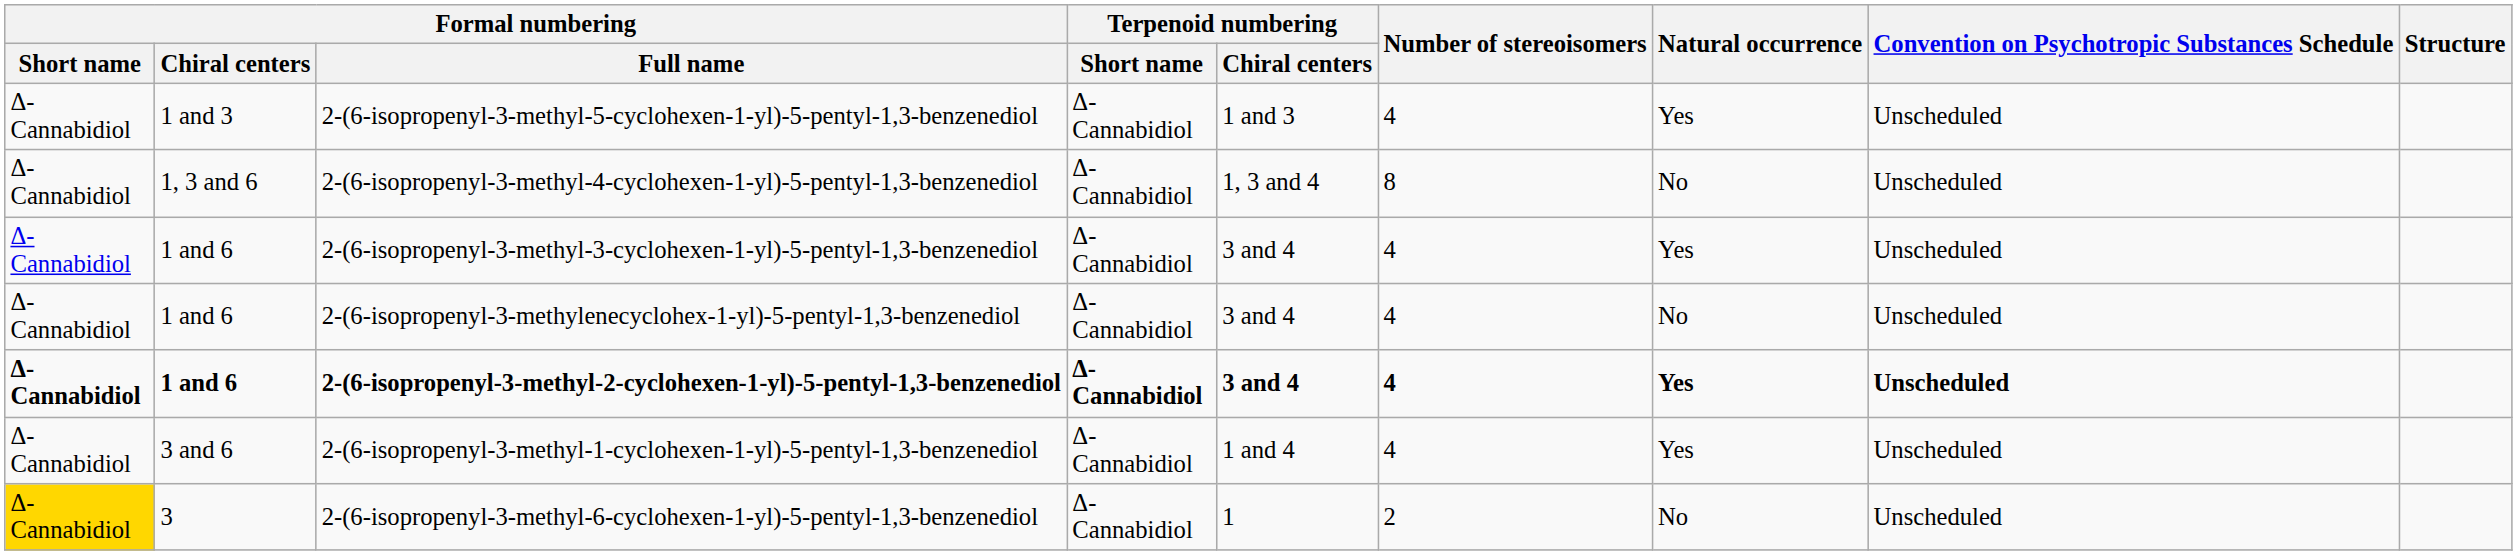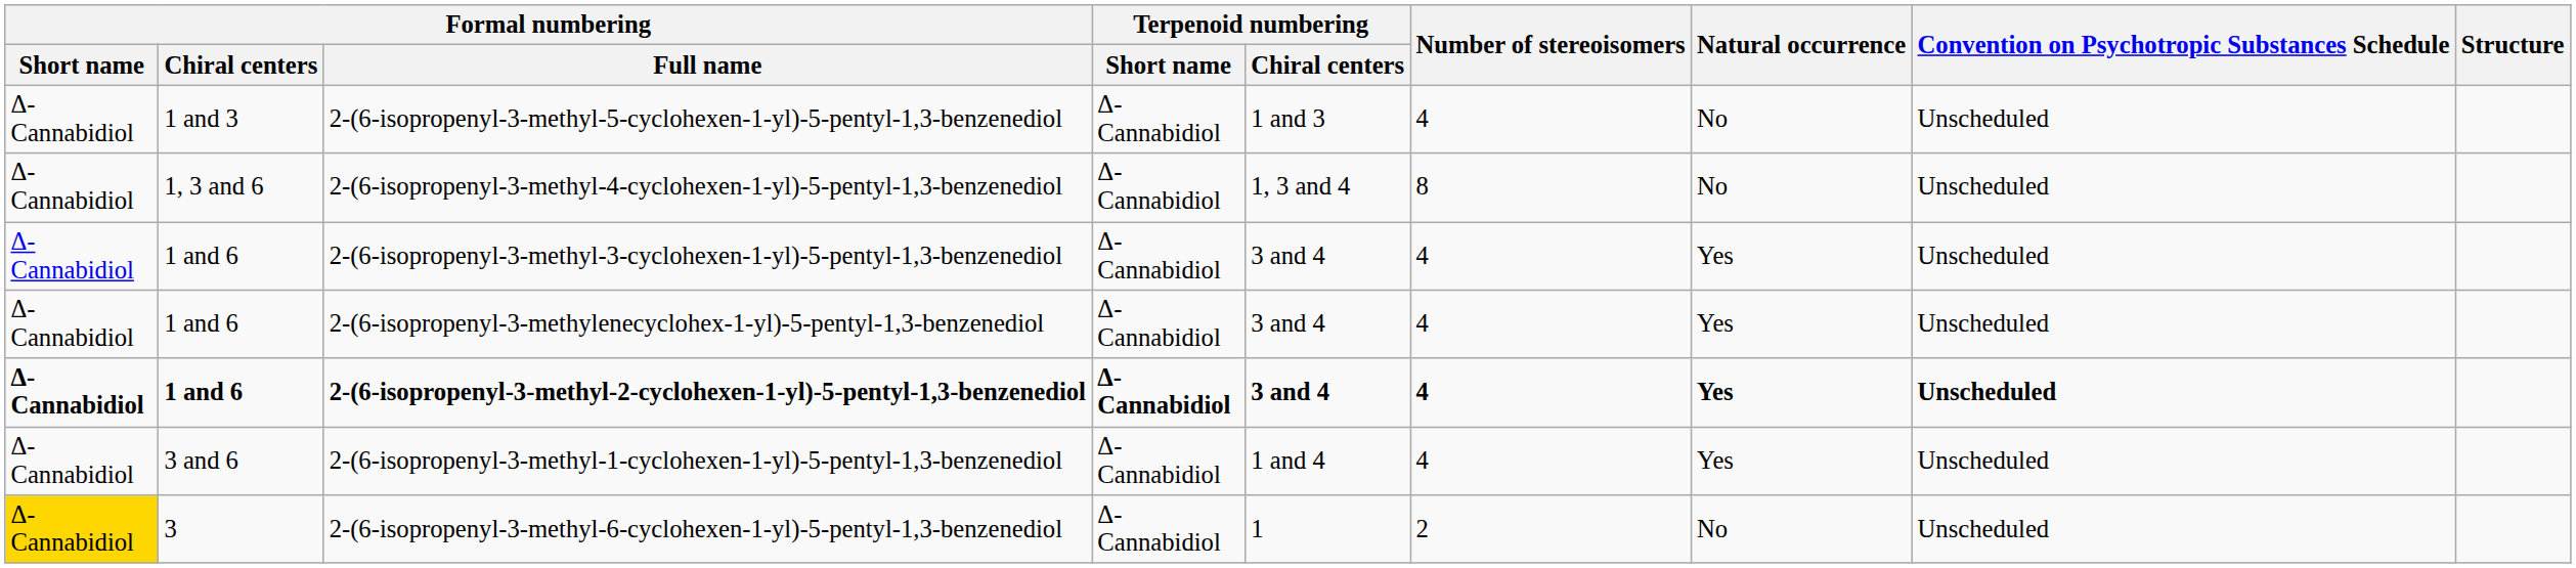 <table class="wikitable sortable mw-collapsible mw-collapsed">
 <tr>
 <th colspan="3">Formal numbering</th>
 <th colspan="2">Terpenoid numbering</th>
 <th rowspan="2">Number of stereoisomers</th>
 <th rowspan="2">Natural occurrence</th>
 <th rowspan="2"><a href='#'>Convention on Psychotropic Substances</a> Schedule</th>
 <th rowspan="2">Structure</th>
 </tr>
 <tr>
 <th style="width:90px;">Short name</th>
 <th>Chiral centers</th>
 <th>Full name</th>
 <th style="width:90px;">Short name</th>
 <th>Chiral centers</th>
 </tr>
 <tr>
 <td>Δ-Cannabidiol</td>
 <td>1 and 3</td>
 <td>2-(6-isopropenyl-3-methyl-5-cyclohexen-1-yl)-5-pentyl-1,3-benzenediol</td>
 <td>Δ-Cannabidiol</td>
 <td>1 and 3</td>
 <td>4</td>
-<td>Yes</td>
+<td>No</td>
 <td>Unscheduled</td>
 <td></td>
 </tr>
 <tr>
 <td>Δ-Cannabidiol</td>
 <td>1, 3 and 6</td>
 <td>2-(6-isopropenyl-3-methyl-4-cyclohexen-1-yl)-5-pentyl-1,3-benzenediol</td>
 <td>Δ-Cannabidiol</td>
 <td>1, 3 and 4</td>
 <td>8</td>
 <td>No</td>
 <td>Unscheduled</td>
 <td></td>
 </tr>
 <tr>
 <td><a href='#'>Δ-Cannabidiol</a></td>
 <td>1 and 6</td>
 <td>2-(6-isopropenyl-3-methyl-3-cyclohexen-1-yl)-5-pentyl-1,3-benzenediol</td>
 <td>Δ-Cannabidiol</td>
 <td>3 and 4</td>
 <td>4</td>
 <td>Yes</td>
 <td>Unscheduled</td>
 <td></td>
 </tr>
 <tr>
 <td>Δ-Cannabidiol</td>
 <td>1 and 6</td>
 <td>2-(6-isopropenyl-3-methylenecyclohex-1-yl)-5-pentyl-1,3-benzenediol</td>
 <td>Δ-Cannabidiol</td>
 <td>3 and 4</td>
 <td>4</td>
-<td>No</td>
+<td>Yes</td>
 <td>Unscheduled</td>
 <td></td>
 </tr>
 <tr>
 <td><strong>Δ-Cannabidiol</strong></td>
 <td><strong>1 and 6</strong></td>
 <td><strong>2-(6-isopropenyl-3-methyl-2-cyclohexen-1-yl)-5-pentyl-1,3-benzenediol</strong></td>
 <td><strong>Δ-Cannabidiol</strong></td>
 <td><strong>3 and 4</strong></td>
 <td><strong>4</strong></td>
 <td><strong>Yes</strong></td>
 <td><strong>Unscheduled</strong></td>
 <td></td>
 </tr>
 <tr>
 <td>Δ-Cannabidiol</td>
 <td>3 and 6</td>
 <td>2-(6-isopropenyl-3-methyl-1-cyclohexen-1-yl)-5-pentyl-1,3-benzenediol</td>
 <td>Δ-Cannabidiol</td>
 <td>1 and 4</td>
 <td>4</td>
 <td>Yes</td>
 <td>Unscheduled</td>
 <td></td>
 </tr>
 <tr>
 <td style="background: gold;">Δ-Cannabidiol</td>
 <td>3</td>
 <td>2-(6-isopropenyl-3-methyl-6-cyclohexen-1-yl)-5-pentyl-1,3-benzenediol</td>
 <td>Δ-Cannabidiol</td>
 <td>1</td>
 <td>2</td>
 <td>No</td>
 <td>Unscheduled</td>
 <td></td>
 </tr>
 </table>
